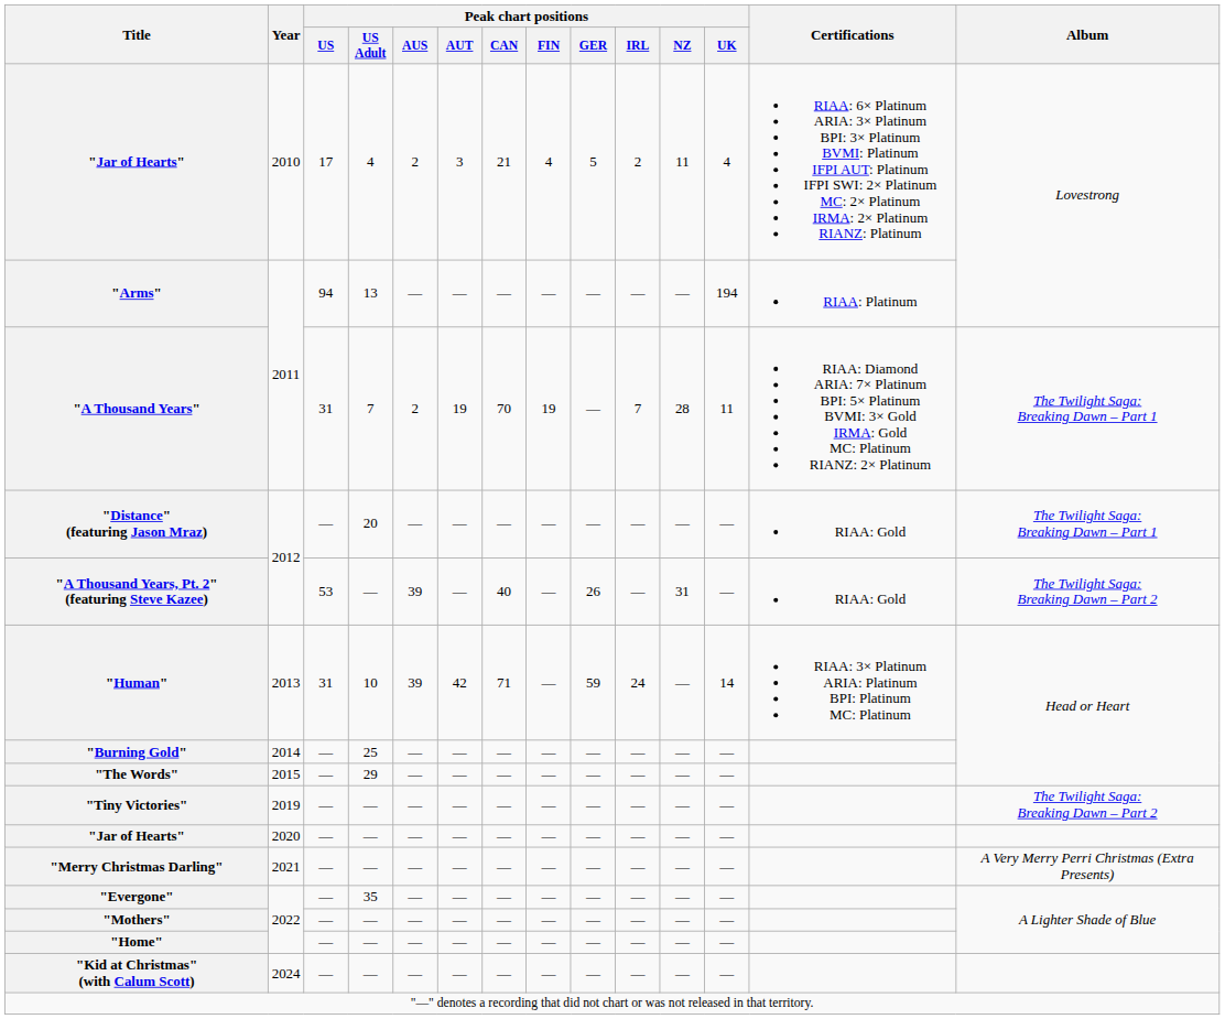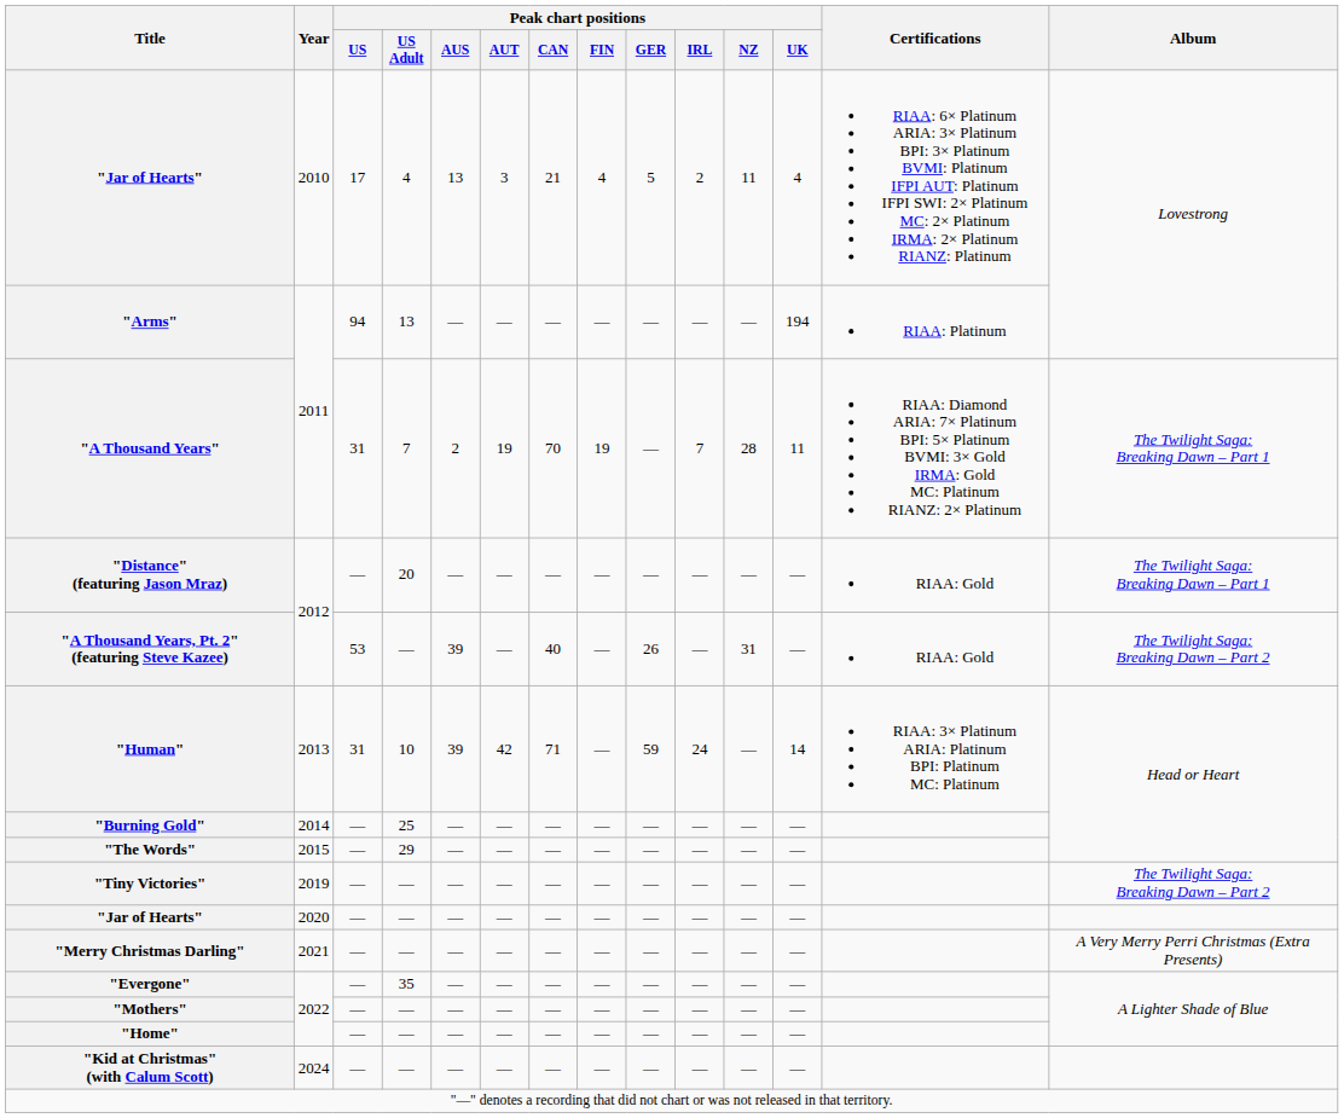 <table class="wikitable plainrowheaders" style="text-align:center;">
 <tr>
 <th scope="col" rowspan="2" style="width:18em;">Title</th>
 <th scope="col" rowspan="2" style="width:1em;">Year</th>
 <th scope="col" colspan="10">Peak chart positions</th>
 <th scope="col" rowspan="2" style="width:14em;">Certifications</th>
 <th scope="col" rowspan="2" style="width:18em;">Album</th>
 </tr>
 <tr>
 <th scope="col" style="width:3em;font-size:90%;"><a href='#'>US</a><br></th>
 <th scope="col" style="width:3em;font-size:90%;"><a href='#'>US<br>Adult</a><br></th>
 <th scope="col" style="width:3em;font-size:90%;"><a href='#'>AUS</a><br></th>
 <th scope="col" style="width:3em;font-size:90%;"><a href='#'>AUT</a><br></th>
 <th scope="col" style="width:3em;font-size:90%;"><a href='#'>CAN</a><br></th>
 <th scope="col" style="width:3em;font-size:90%;"><a href='#'>FIN</a><br></th>
 <th scope="col" style="width:3em;font-size:90%;"><a href='#'>GER</a><br></th>
 <th scope="col" style="width:3em;font-size:90%;"><a href='#'>IRL</a><br></th>
 <th scope="col" style="width:3em;font-size:90%;"><a href='#'>NZ</a><br></th>
 <th scope="col" style="width:3em;font-size:90%;"><a href='#'>UK</a><br></th>
 </tr>
 <tr>
 <th scope="row">"<a href='#'>Jar of Hearts</a>"</th>
 <td>2010</td>
 <td>17</td>
 <td>4</td>
-<td>2</td>
+<td>13</td>
 <td>3</td>
 <td>21</td>
 <td>4</td>
 <td>5</td>
 <td>2</td>
 <td>11</td>
 <td>4</td>
 <td><br><ul><li><a href='#'>RIAA</a>: 6× Platinum</li><li>ARIA: 3× Platinum</li><li>BPI: 3× Platinum</li><li><a href='#'>BVMI</a>: Platinum</li><li><a href='#'>IFPI AUT</a>: Platinum</li><li>IFPI SWI: 2× Platinum</li><li><a href='#'>MC</a>: 2× Platinum</li><li><a href='#'>IRMA</a>: 2× Platinum</li><li><a href='#'>RIANZ</a>: Platinum</li></ul></td>
 <td rowspan="2"><em>Lovestrong</em></td>
 </tr>
 <tr>
 <th scope="row">"<a href='#'>Arms</a>"</th>
 <td rowspan="2">2011</td>
 <td>94</td>
 <td>13</td>
 <td>—</td>
 <td>—</td>
 <td>—</td>
 <td>—</td>
 <td>—</td>
 <td>—</td>
 <td>—</td>
 <td>194</td>
 <td><br><ul><li><a href='#'>RIAA</a>: Platinum</li></ul></td>
 </tr>
 <tr>
 <th scope="row">"<a href='#'>A Thousand Years</a>"</th>
 <td>31</td>
 <td>7</td>
 <td>2</td>
 <td>19</td>
 <td>70</td>
 <td>19</td>
 <td>—</td>
 <td>7</td>
 <td>28</td>
 <td>11</td>
 <td><br><ul><li>RIAA: Diamond</li><li>ARIA: 7× Platinum</li><li>BPI: 5× Platinum</li><li>BVMI: 3× Gold</li><li><a href='#'>IRMA</a>: Gold</li><li>MC: Platinum</li><li>RIANZ: 2× Platinum</li></ul></td>
 <td><em><a href='#'>The Twilight Saga:<br>Breaking Dawn – Part 1</a></em></td>
 </tr>
 <tr>
 <th scope="row">"<a href='#'>Distance</a>"<br><span>(featuring <a href='#'>Jason Mraz</a>)</span></th>
 <td rowspan="2">2012</td>
 <td>—</td>
 <td>20</td>
 <td>—</td>
 <td>—</td>
 <td>—</td>
 <td>—</td>
 <td>—</td>
 <td>—</td>
 <td>—</td>
 <td>—</td>
 <td><br><ul><li>RIAA: Gold</li></ul></td>
 <td><em><a href='#'>The Twilight Saga:<br>Breaking Dawn – Part 1</a></em></td>
 </tr>
 <tr>
 <th scope="row">"<a href='#'>A Thousand Years, Pt. 2</a>"<br><span>(featuring <a href='#'>Steve Kazee</a>)</span></th>
 <td>53</td>
 <td>—</td>
 <td>39</td>
 <td>—</td>
 <td>40</td>
 <td>—</td>
 <td>26</td>
 <td>—</td>
 <td>31</td>
 <td>—</td>
 <td><br><ul><li>RIAA: Gold</li></ul></td>
 <td><em><a href='#'>The Twilight Saga:<br>Breaking Dawn – Part 2</a></em></td>
 </tr>
 <tr>
 <th scope="row">"<a href='#'>Human</a>"</th>
 <td>2013</td>
 <td>31</td>
 <td>10</td>
 <td>39</td>
 <td>42</td>
 <td>71</td>
 <td>—</td>
 <td>59</td>
 <td>24</td>
 <td>—</td>
 <td>14</td>
 <td><br><ul><li>RIAA: 3× Platinum</li><li>ARIA: Platinum</li><li>BPI: Platinum</li><li>MC: Platinum</li></ul></td>
 <td rowspan="3"><em>Head or Heart</em></td>
 </tr>
 <tr>
 <th scope="row">"<a href='#'>Burning Gold</a>"</th>
 <td>2014</td>
 <td>—</td>
 <td>25</td>
 <td>—</td>
 <td>—</td>
 <td>—</td>
 <td>—</td>
 <td>—</td>
 <td>—</td>
 <td>—</td>
 <td>—</td>
 <td></td>
 </tr>
 <tr>
 <th scope="row">"The Words"</th>
 <td>2015</td>
 <td>—</td>
 <td>29</td>
 <td>—</td>
 <td>—</td>
 <td>—</td>
 <td>—</td>
 <td>—</td>
 <td>—</td>
 <td>—</td>
 <td>—</td>
 <td></td>
 </tr>
 <tr>
 <th scope="row">"Tiny Victories"</th>
 <td>2019</td>
 <td>—</td>
 <td>—</td>
 <td>—</td>
 <td>—</td>
 <td>—</td>
 <td>—</td>
 <td>—</td>
 <td>—</td>
 <td>—</td>
 <td>—</td>
 <td></td>
 <td><em><a href='#'>The Twilight Saga:<br>Breaking Dawn – Part 2</a></em></td>
 </tr>
 <tr>
 <th scope="row">"Jar of Hearts"<br></th>
 <td>2020</td>
 <td>—</td>
 <td>—</td>
 <td>—</td>
 <td>—</td>
 <td>—</td>
 <td>—</td>
 <td>—</td>
 <td>—</td>
 <td>—</td>
 <td>—</td>
 <td></td>
 <td></td>
 </tr>
 <tr>
 <th scope="row">"Merry Christmas Darling"</th>
 <td>2021</td>
 <td>—</td>
 <td>—</td>
 <td>—</td>
 <td>—</td>
 <td>—</td>
 <td>—</td>
 <td>—</td>
 <td>—</td>
 <td>—</td>
 <td>—</td>
 <td></td>
 <td><em>A Very Merry Perri Christmas (Extra Presents)</em></td>
 </tr>
 <tr>
 <th scope="row">"Evergone"</th>
 <td rowspan="3">2022</td>
 <td>—</td>
 <td>35</td>
 <td>—</td>
 <td>—</td>
 <td>—</td>
 <td>—</td>
 <td>—</td>
 <td>—</td>
 <td>—</td>
 <td>—</td>
 <td></td>
 <td rowspan="3"><em>A Lighter Shade of Blue</em></td>
 </tr>
 <tr>
 <th scope="row">"Mothers"</th>
 <td>—</td>
 <td>—</td>
 <td>—</td>
 <td>—</td>
 <td>—</td>
 <td>—</td>
 <td>—</td>
 <td>—</td>
 <td>—</td>
 <td>—</td>
 <td></td>
 </tr>
 <tr>
 <th scope="row">"Home"</th>
 <td>—</td>
 <td>—</td>
 <td>—</td>
 <td>—</td>
 <td>—</td>
 <td>—</td>
 <td>—</td>
 <td>—</td>
 <td>—</td>
 <td>—</td>
 <td></td>
 </tr>
 <tr>
 <th scope="row">"Kid at Christmas"<br><span>(with <a href='#'>Calum Scott</a>)</span></th>
 <td>2024</td>
 <td>—</td>
 <td>—</td>
 <td>—</td>
 <td>—</td>
 <td>—</td>
 <td>—</td>
 <td>—</td>
 <td>—</td>
 <td>—</td>
 <td>—</td>
 <td></td>
 <td></td>
 </tr>
 <tr>
 <td colspan="15" style="font-size:90%">"—" denotes a recording that did not chart or was not released in that territory.</td>
 </tr>
 </table>
